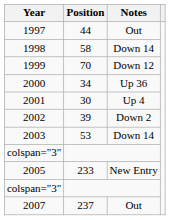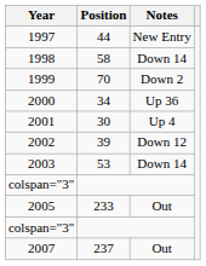 <table class="wikitable plainrowheaders" style="text-align:center;">
 <tr>
 <th>Year</th>
 <th>Position</th>
 <th>Notes</th>
 <th></th>
 </tr>
 <tr>
 <td>1997</td>
 <td>44</td>
-<td>Out</td>
+<td>New Entry</td>
 <td rowspan="11"></td>
 </tr>
 <tr>
 <td>1998</td>
 <td>58</td>
 <td>Down 14</td>
 </tr>
 <tr>
 <td>1999</td>
 <td>70</td>
-<td>Down 12</td>
+<td>Down 2</td>
 </tr>
 <tr>
 <td>2000</td>
 <td>34</td>
 <td>Up 36</td>
 </tr>
 <tr>
 <td>2001</td>
 <td>30</td>
 <td>Up 4</td>
 </tr>
 <tr>
 <td>2002</td>
 <td>39</td>
-<td>Down 2</td>
+<td>Down 12</td>
 </tr>
 <tr>
 <td>2003</td>
 <td>53</td>
 <td>Down 14</td>
 </tr>
 <tr>
 <td>colspan="3" </td>
 </tr>
 <tr>
 <td>2005</td>
 <td>233</td>
-<td>New Entry</td>
+<td>Out</td>
 </tr>
 <tr>
 <td>colspan="3" </td>
 </tr>
 <tr>
 <td>2007</td>
 <td>237</td>
 <td>Out</td>
 </tr>
 </table>
